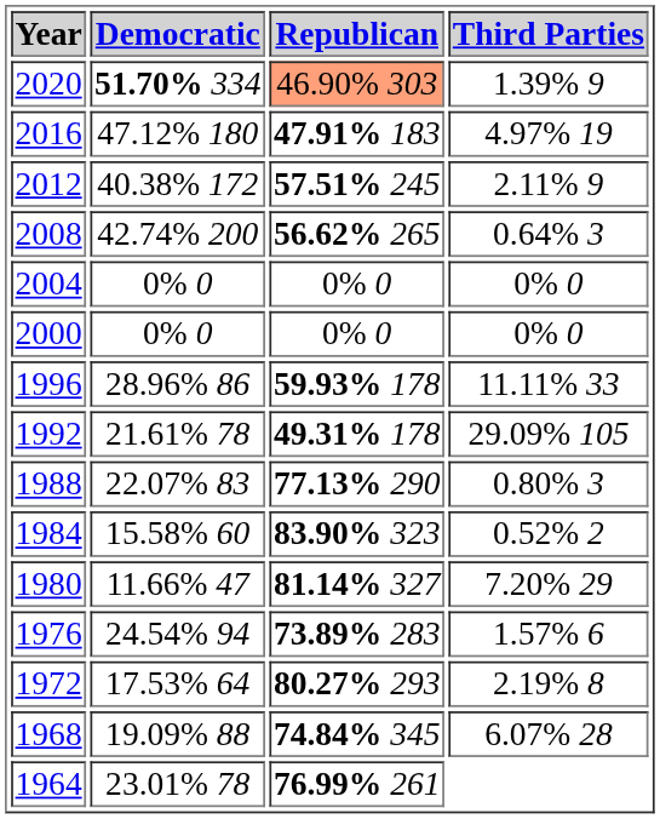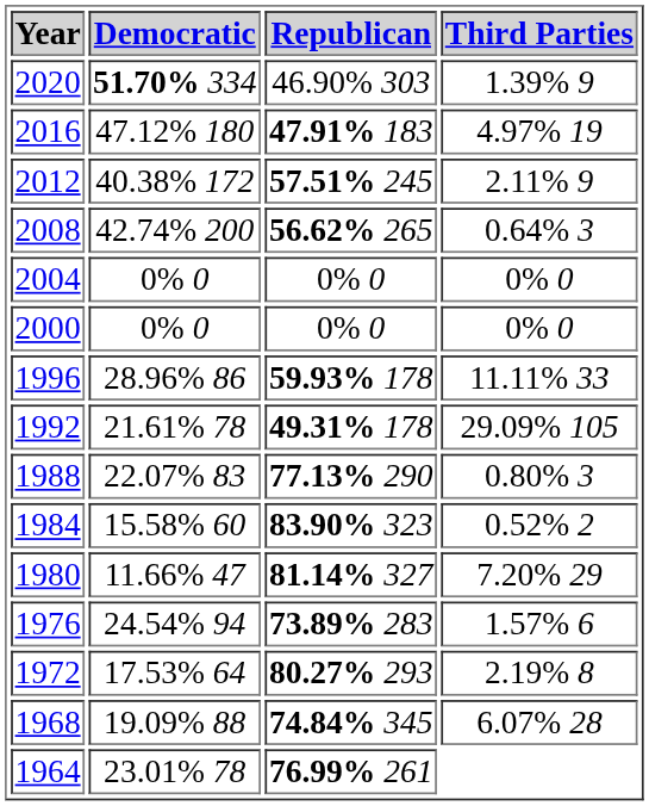 <table border = “2”>
 <tr style="background:lightgrey;">
 <th>Year</th>
 <th><a href='#'>Democratic</a></th>
 <th><a href='#'>Republican</a></th>
 <th><a href='#'>Third Parties</a></th>
 </tr>
 <tr>
 <td align="center" ><a href='#'>2020</a></td>
 <td align="center" ><strong>51.70%</strong> <em>334</em></td>
-<td align="center"  style="background: lightsalmon;">46.90% <em>303</em></td>
+<td align="center" >46.90% <em>303</em></td>
 <td align="center" >1.39% <em>9</em></td>
 </tr>
 <tr>
 <td align="center" ><a href='#'>2016</a></td>
 <td align="center" >47.12% <em>180</em></td>
 <td align="center" ><strong>47.91%</strong> <em>183</em></td>
 <td align="center" >4.97% <em>19</em></td>
 </tr>
 <tr>
 <td align="center" ><a href='#'>2012</a></td>
 <td align="center" >40.38% <em>172</em></td>
 <td align="center" ><strong>57.51%</strong> <em>245</em></td>
 <td align="center" >2.11% <em>9</em></td>
 </tr>
 <tr>
 <td align="center" ><a href='#'>2008</a></td>
 <td align="center" >42.74% <em>200</em></td>
 <td align="center" ><strong>56.62%</strong> <em>265</em></td>
 <td align="center" >0.64% <em>3</em></td>
 </tr>
 <tr>
 <td align="center" ><a href='#'>2004</a></td>
 <td align="center" >0% <em>0</em></td>
 <td align="center" >0% <em>0</em></td>
 <td align="center" >0% <em>0</em></td>
 </tr>
 <tr>
 <td align="center" ><a href='#'>2000</a></td>
 <td align="center" >0% <em>0</em></td>
 <td align="center" >0% <em>0</em></td>
 <td align="center" >0% <em>0</em></td>
 </tr>
 <tr>
 <td align="center" ><a href='#'>1996</a></td>
 <td align="center" >28.96% <em>86</em></td>
 <td align="center" ><strong>59.93%</strong> <em>178</em></td>
 <td align="center" >11.11% <em>33</em></td>
 </tr>
 <tr>
 <td align="center" ><a href='#'>1992</a></td>
 <td align="center" >21.61% <em>78</em></td>
 <td align="center" ><strong>49.31%</strong> <em>178</em></td>
 <td align="center" >29.09% <em>105</em></td>
 </tr>
 <tr>
 <td align="center" ><a href='#'>1988</a></td>
 <td align="center" >22.07% <em>83</em></td>
 <td align="center" ><strong>77.13%</strong> <em>290</em></td>
 <td align="center" >0.80% <em>3</em></td>
 </tr>
 <tr>
 <td align="center" ><a href='#'>1984</a></td>
 <td align="center" >15.58% <em>60</em></td>
 <td align="center" ><strong>83.90%</strong> <em>323</em></td>
 <td align="center" >0.52% <em>2</em></td>
 </tr>
 <tr>
 <td align="center" ><a href='#'>1980</a></td>
 <td align="center" >11.66% <em>47</em></td>
 <td align="center" ><strong>81.14%</strong> <em>327</em></td>
 <td align="center" >7.20% <em>29</em></td>
 </tr>
 <tr>
 <td align="center" ><a href='#'>1976</a></td>
 <td align="center" >24.54% <em>94</em></td>
 <td align="center" ><strong>73.89%</strong> <em>283</em></td>
 <td align="center" >1.57% <em>6</em></td>
 </tr>
 <tr>
 <td align="center" ><a href='#'>1972</a></td>
 <td align="center" >17.53% <em>64</em></td>
 <td align="center" ><strong>80.27%</strong> <em>293</em></td>
 <td align="center" >2.19% <em>8</em></td>
 </tr>
 <tr>
 <td align="center" ><a href='#'>1968</a></td>
 <td align="center" >19.09% <em>88</em></td>
 <td align="center" ><strong>74.84%</strong> <em>345</em></td>
 <td align="center" >6.07% <em>28</em></td>
 </tr>
 <tr>
 <td align="center" ><a href='#'>1964</a></td>
 <td align="center" >23.01% <em>78</em></td>
 <td align="center" ><strong>76.99%</strong> <em>261</em></td>
 </tr>
 </table>
